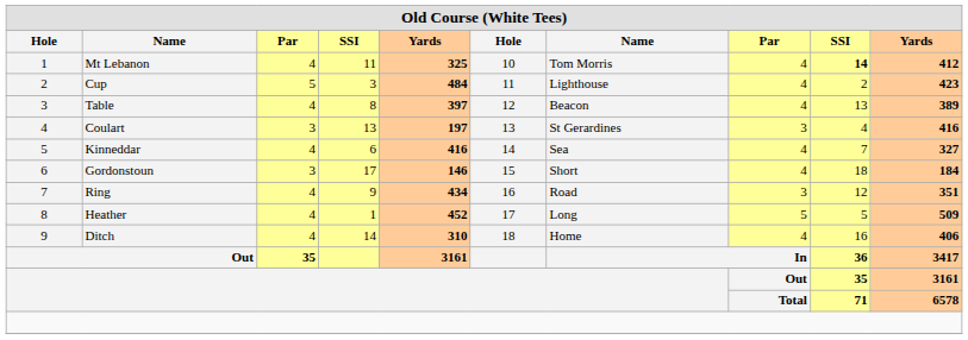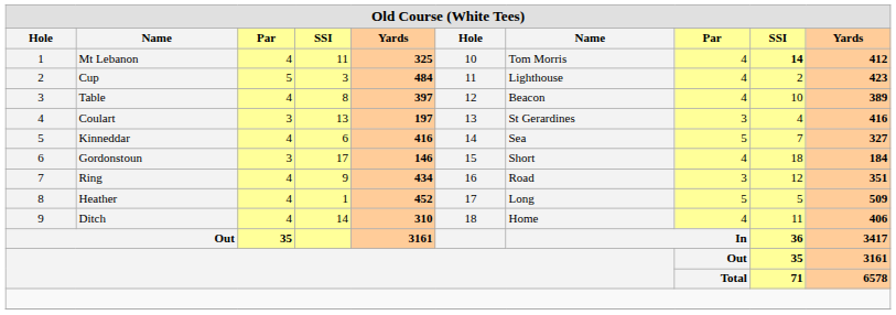 <table class="wikitable" style="font-size: 85%; margin: 1em auto 1em auto; width:50%">
 <tr>
 <td align = "center" style="background:#E0E0E0;" colspan = "10"><strong><big>Old Course (White Tees)</big></strong></td>
 </tr>
 <tr>
 <td align = "center" style="background:#F3F3F3;"><strong>Hole</strong></td>
 <td align = "center" style="background:#F3F3F3;"><strong>Name</strong></td>
 <td align = "center" style="background:#FFFF99;"><strong>Par</strong></td>
 <td align = "center" style="background:#FFFF99;"><strong>SSI</strong></td>
 <td align = "center" style="background:#FFCC99;"><strong>Yards</strong></td>
 <td align = "center" style="background:#F3F3F3;"><strong>Hole</strong></td>
 <td align = "center" style="background:#F3F3F3;"><strong>Name</strong></td>
 <td align = "center" style="background:#FFFF99;"><strong>Par</strong></td>
 <td align = "center" style="background:#FFFF99;"><strong>SSI</strong></td>
 <td align = "center" style="background:#FFCC99;"><strong>Yards</strong></td>
 </tr>
 <tr>
 <td align = "center" style="background:#F3F3F3;">1</td>
 <td style="background:#F3F3F3;">Mt Lebanon</td>
 <td align = "right" style="background:#FFFF99;">4</td>
 <td align = "right" style="background:#FFFF99;">11</td>
 <td align = "right" style="background:#FFCC99;"><strong>325</strong></td>
 <td align = "center" style="background:#F3F3F3;">10</td>
 <td style="background:#F3F3F3;">Tom Morris</td>
 <td align = "right" style="background:#FFFF99;">4</td>
 <td align = "right" style="background:#FFFF99;"><strong>14</strong></td>
 <td align = "right" style="background:#FFCC99;"><strong>412</strong></td>
 </tr>
 <tr>
 <td align = "center" style="background:#F3F3F3;">2</td>
 <td style="background:#F3F3F3;">Cup</td>
 <td align = "right" style="background:#FFFF99;">5</td>
 <td align = "right" style="background:#FFFF99;">3</td>
 <td align = "right" style="background:#FFCC99;"><strong>484</strong></td>
 <td align = "center" style="background:#F3F3F3;">11</td>
 <td style="background:#F3F3F3;">Lighthouse</td>
 <td align = "right" style="background:#FFFF99;">4</td>
 <td align = "right" style="background:#FFFF99;">2</td>
 <td align = "right" style="background:#FFCC99;"><strong>423</strong></td>
 </tr>
 <tr>
 <td align = "center" style="background:#F3F3F3;">3</td>
 <td style="background:#F3F3F3;">Table</td>
 <td align = "right" style="background:#FFFF99;">4</td>
 <td align = "right" style="background:#FFFF99;">8</td>
 <td align = "right" style="background:#FFCC99;"><strong>397</strong></td>
 <td align = "center" style="background:#F3F3F3;">12</td>
 <td style="background:#F3F3F3;">Beacon</td>
 <td align = "right" style="background:#FFFF99;">4</td>
-<td align = "right" style="background:#FFFF99;">13</td>
+<td align = "right" style="background:#FFFF99;">10</td>
 <td align = "right" style="background:#FFCC99;"><strong>389</strong></td>
 </tr>
 <tr>
 <td align = "center" style="background:#F3F3F3;">4</td>
 <td style="background:#F3F3F3;">Coulart</td>
 <td align = "right" style="background:#FFFF99;">3</td>
 <td align = "right" style="background:#FFFF99;">13</td>
 <td align = "right" style="background:#FFCC99;"><strong>197</strong></td>
 <td align = "center" style="background:#F3F3F3;">13</td>
 <td style="background:#F3F3F3;">St Gerardines</td>
 <td align = "right" style="background:#FFFF99;">3</td>
 <td align = "right" style="background:#FFFF99;">4</td>
 <td align = "right" style="background:#FFCC99;"><strong>416</strong></td>
 </tr>
 <tr>
 <td align = "center" style="background:#F3F3F3;">5</td>
 <td style="background:#F3F3F3;">Kinneddar</td>
 <td align = "right" style="background:#FFFF99;">4</td>
 <td align = "right" style="background:#FFFF99;">6</td>
 <td align = "right" style="background:#FFCC99;"><strong>416</strong></td>
 <td align = "center" style="background:#F3F3F3;">14</td>
 <td style="background:#F3F3F3;">Sea</td>
-<td align = "right" style="background:#FFFF99;">4</td>
+<td align = "right" style="background:#FFFF99;">5</td>
 <td align = "right" style="background:#FFFF99;">7</td>
 <td align = "right" style="background:#FFCC99;"><strong>327</strong></td>
 </tr>
 <tr>
 <td align = "center" style="background:#F3F3F3;">6</td>
 <td style="background:#F3F3F3;">Gordonstoun</td>
 <td align = "right" style="background:#FFFF99;">3</td>
 <td align = "right" style="background:#FFFF99;">17</td>
 <td align = "right" style="background:#FFCC99;"><strong>146</strong></td>
 <td align = "center" style="background:#F3F3F3;">15</td>
 <td style="background:#F3F3F3;">Short</td>
 <td align = "right" style="background:#FFFF99;">4</td>
 <td align = "right" style="background:#FFFF99;">18</td>
 <td align = "right" style="background:#FFCC99;"><strong>184</strong></td>
 </tr>
 <tr>
 <td align = "center" style="background:#F3F3F3;">7</td>
 <td style="background:#F3F3F3;">Ring</td>
 <td align = "right" style="background:#FFFF99;">4</td>
 <td align = "right" style="background:#FFFF99;">9</td>
 <td align = "right" style="background:#FFCC99;"><strong>434</strong></td>
 <td align = "center" style="background:#F3F3F3;">16</td>
 <td style="background:#F3F3F3;">Road</td>
 <td align = "right" style="background:#FFFF99;">3</td>
 <td align = "right" style="background:#FFFF99;">12</td>
 <td align = "right" style="background:#FFCC99;"><strong>351</strong></td>
 </tr>
 <tr>
 <td align = "center" style="background:#F3F3F3;">8</td>
 <td style="background:#F3F3F3;">Heather</td>
 <td align = "right" style="background:#FFFF99;">4</td>
 <td align = "right" style="background:#FFFF99;">1</td>
 <td align = "right" style="background:#FFCC99;"><strong>452</strong></td>
 <td align = "center" style="background:#F3F3F3;">17</td>
 <td style="background:#F3F3F3;">Long</td>
 <td align = "right" style="background:#FFFF99;">5</td>
 <td align = "right" style="background:#FFFF99;">5</td>
 <td align = "right" style="background:#FFCC99;"><strong>509</strong></td>
 </tr>
 <tr>
 <td align = "center" style="background:#F3F3F3;">9</td>
 <td style="background:#F3F3F3;">Ditch</td>
 <td align = "right" style="background:#FFFF99;">4</td>
 <td align = "right" style="background:#FFFF99;">14</td>
 <td align = "right" style="background:#FFCC99;"><strong>310</strong></td>
 <td align = "center" style="background:#F3F3F3;">18</td>
 <td style="background:#F3F3F3;">Home</td>
 <td align = "right" style="background:#FFFF99;">4</td>
-<td align = "right" style="background:#FFFF99;">16</td>
+<td align = "right" style="background:#FFFF99;">11</td>
 <td align = "right" style="background:#FFCC99;"><strong>406</strong></td>
 </tr>
 <tr>
 <td align = "right" style="background:#F3F3F3;" colspan = "2"><strong>Out</strong></td>
 <td align = "right" style="background:#FFFF99;"><strong>35</strong></td>
 <td align = "right" style="background:#FFFF99;"> </td>
 <td align = "right" style="background:#FFCC99;"><strong>3161</strong></td>
 <td style="background:#F3F3F3;"> </td>
 <td align = "right" style="background:#F3F3F3;" colspan = "2"><strong>In</strong></td>
 <td align = "right" style="background:#FFFF99;"><strong>36</strong></td>
 <td align = "right" style="background:#FFCC99;"><strong>3417</strong></td>
 </tr>
 <tr>
 <td style="background:#F3F3F3;" colspan = "7" rowspan = "2"> </td>
 <td align = "right" style="background:#F3F3F3;"><strong>Out</strong></td>
 <td align = "right" style="background:#FFFF99;"><strong>35</strong></td>
 <td align = "right" style="background:#FFCC99;"><strong>3161</strong></td>
 </tr>
 <tr>
 <td align = "right" style="background:#F3F3F3;"><strong>Total</strong></td>
 <td align = "right" style="background:#FFFF99;"><strong>71</strong></td>
 <td align = "right" style="background:#FFCC99;"><strong>6578</strong></td>
 </tr>
 <tr>
 <td align = "right" colspan = "10"> </td>
 </tr>
 <tr>
 </tr>
 </table>
